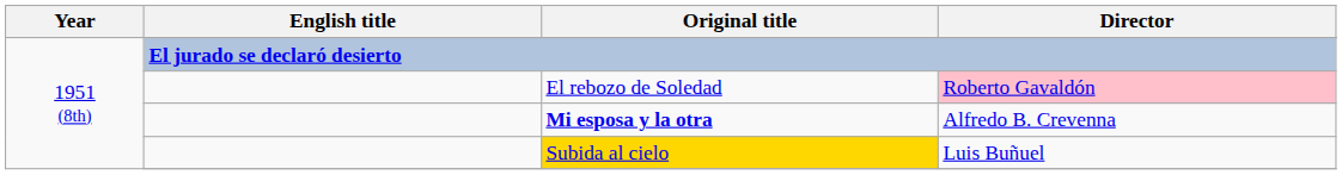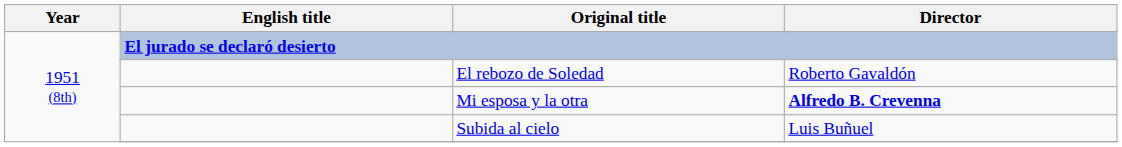 <table class="wikitable">
 <tr>
 <th width="100"><strong>Year</strong></th>
 <th width="300"><strong>English title</strong></th>
 <th width="300"><strong>Original title</strong></th>
 <th width="300"><strong>Director</strong></th>
 </tr>
 <tr>
 <td rowspan="6" style="text-align:center;"><a href='#'>1951</a><br><small><a href='#'>(8th)</a></small></td>
 </tr>
 <tr style="background:#B0C4DE;">
 <td colspan="3"><strong><a href='#'>El jurado se declaró desierto</a></strong></td>
 </tr>
 <tr>
 <td></td>
 <td><a href='#'>El rebozo de Soledad</a></td>
-<td style="background: pink;"><a href='#'>Roberto Gavaldón</a></td>
+<td><a href='#'>Roberto Gavaldón</a></td>
 </tr>
 <tr>
 <td></td>
-<td><strong><a href='#'>Mi esposa y la otra</a></strong></td>
-<td><a href='#'>Alfredo B. Crevenna</a></td>
+<td><a href='#'>Mi esposa y la otra</a></td>
+<td><strong><a href='#'>Alfredo B. Crevenna</a></strong></td>
 </tr>
 <tr>
 <td></td>
-<td style="background: gold;"><a href='#'>Subida al cielo</a></td>
+<td><a href='#'>Subida al cielo</a></td>
 <td><a href='#'>Luis Buñuel</a></td>
 </tr>
 <tr>
 </tr>
 </table>
